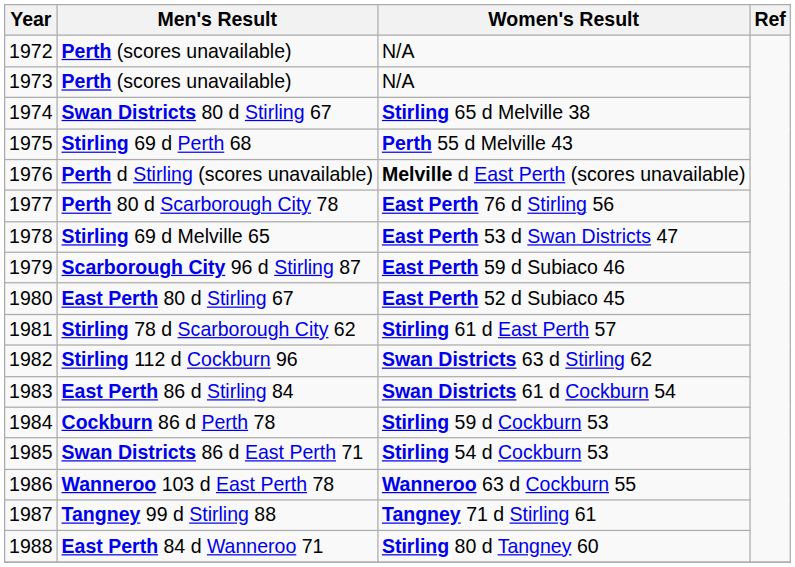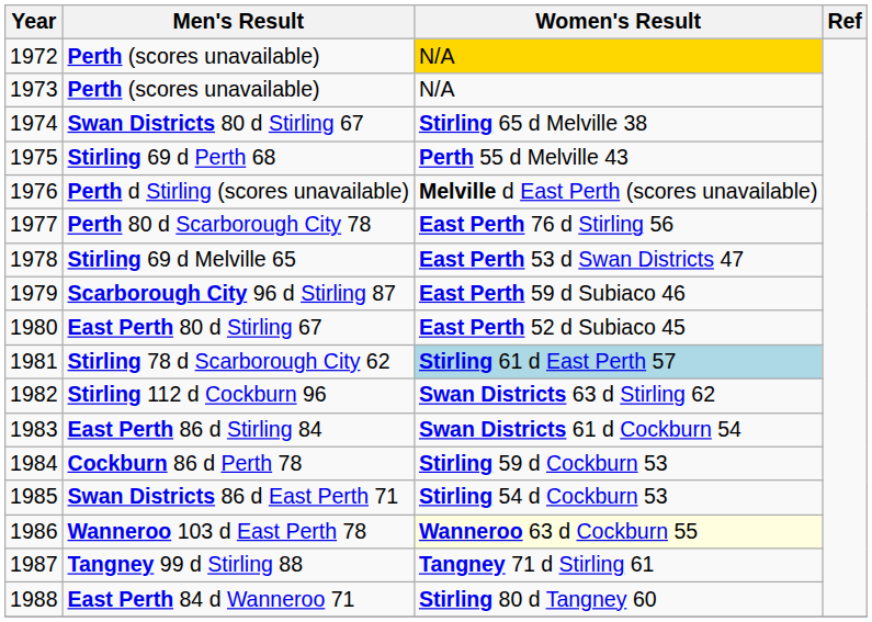 <table class="wikitable">
 <tr>
 <th>Year</th>
 <th>Men's Result</th>
 <th>Women's Result</th>
 <th>Ref</th>
 </tr>
 <tr>
 <td align=center>1972</td>
 <td><strong><a href='#'>Perth</a></strong> (scores unavailable)</td>
-<td>N/A</td>
+<td style="background: gold;">N/A</td>
 <td align=center rowspan="17"></td>
 </tr>
 <tr>
 <td align=center>1973</td>
 <td><strong><a href='#'>Perth</a></strong> (scores unavailable)</td>
 <td>N/A</td>
 </tr>
 <tr>
 <td align=center>1974</td>
 <td><strong><a href='#'>Swan Districts</a></strong> 80 d <a href='#'>Stirling</a> 67</td>
 <td><strong><a href='#'>Stirling</a></strong> 65 d Melville 38</td>
 </tr>
 <tr>
 <td align=center>1975</td>
 <td><strong><a href='#'>Stirling</a></strong> 69 d <a href='#'>Perth</a> 68</td>
 <td><strong><a href='#'>Perth</a></strong> 55 d Melville 43</td>
 </tr>
 <tr>
 <td align=center>1976</td>
 <td><strong><a href='#'>Perth</a></strong> d <a href='#'>Stirling</a> (scores unavailable)</td>
 <td><strong>Melville</strong> d <a href='#'>East Perth</a> (scores unavailable)</td>
 </tr>
 <tr>
 <td align=center>1977</td>
 <td><strong><a href='#'>Perth</a></strong> 80 d <a href='#'>Scarborough City</a> 78</td>
 <td><strong><a href='#'>East Perth</a></strong> 76 d <a href='#'>Stirling</a> 56</td>
 </tr>
 <tr>
 <td align=center>1978</td>
 <td><strong><a href='#'>Stirling</a></strong> 69 d Melville 65</td>
 <td><strong><a href='#'>East Perth</a></strong> 53 d <a href='#'>Swan Districts</a> 47</td>
 </tr>
 <tr>
 <td align=center>1979</td>
 <td><strong><a href='#'>Scarborough City</a></strong> 96 d <a href='#'>Stirling</a> 87</td>
 <td><strong><a href='#'>East Perth</a></strong> 59 d Subiaco 46</td>
 </tr>
 <tr>
 <td align=center>1980</td>
 <td><strong><a href='#'>East Perth</a></strong> 80 d <a href='#'>Stirling</a> 67</td>
 <td><strong><a href='#'>East Perth</a></strong> 52 d Subiaco 45</td>
 </tr>
 <tr>
 <td align=center>1981</td>
 <td><strong><a href='#'>Stirling</a></strong> 78 d <a href='#'>Scarborough City</a> 62</td>
-<td><strong><a href='#'>Stirling</a></strong> 61 d <a href='#'>East Perth</a> 57</td>
+<td style="background: lightblue;"><strong><a href='#'>Stirling</a></strong> 61 d <a href='#'>East Perth</a> 57</td>
 </tr>
 <tr>
 <td align=center>1982</td>
 <td><strong><a href='#'>Stirling</a></strong> 112 d <a href='#'>Cockburn</a> 96</td>
 <td><strong><a href='#'>Swan Districts</a></strong> 63 d <a href='#'>Stirling</a> 62</td>
 </tr>
 <tr>
 <td align=center>1983</td>
 <td><strong><a href='#'>East Perth</a></strong> 86 d <a href='#'>Stirling</a> 84</td>
 <td><strong><a href='#'>Swan Districts</a></strong> 61 d <a href='#'>Cockburn</a> 54</td>
 </tr>
 <tr>
 <td align=center>1984</td>
 <td><strong><a href='#'>Cockburn</a></strong> 86 d <a href='#'>Perth</a> 78</td>
 <td><strong><a href='#'>Stirling</a></strong> 59 d <a href='#'>Cockburn</a> 53</td>
 </tr>
 <tr>
 <td align=center>1985</td>
 <td><strong><a href='#'>Swan Districts</a></strong> 86 d <a href='#'>East Perth</a> 71</td>
 <td><strong><a href='#'>Stirling</a></strong> 54 d <a href='#'>Cockburn</a> 53</td>
 </tr>
 <tr>
 <td align=center>1986</td>
 <td><strong><a href='#'>Wanneroo</a></strong> 103 d <a href='#'>East Perth</a> 78</td>
-<td><strong><a href='#'>Wanneroo</a></strong> 63 d <a href='#'>Cockburn</a> 55</td>
+<td style="background: lightyellow;"><strong><a href='#'>Wanneroo</a></strong> 63 d <a href='#'>Cockburn</a> 55</td>
 </tr>
 <tr>
 <td align=center>1987</td>
 <td><strong><a href='#'>Tangney</a></strong> 99 d <a href='#'>Stirling</a> 88</td>
 <td><strong><a href='#'>Tangney</a></strong> 71 d <a href='#'>Stirling</a> 61</td>
 </tr>
 <tr>
 <td align=center>1988</td>
 <td><strong><a href='#'>East Perth</a></strong> 84 d <a href='#'>Wanneroo</a> 71</td>
 <td><strong><a href='#'>Stirling</a></strong> 80 d <a href='#'>Tangney</a> 60</td>
 </tr>
 <tr>
 </tr>
 </table>
